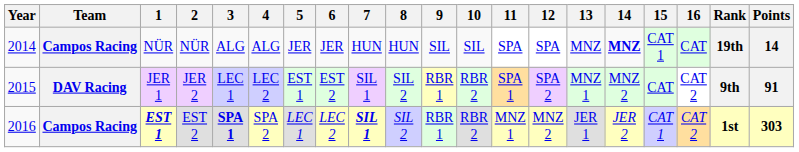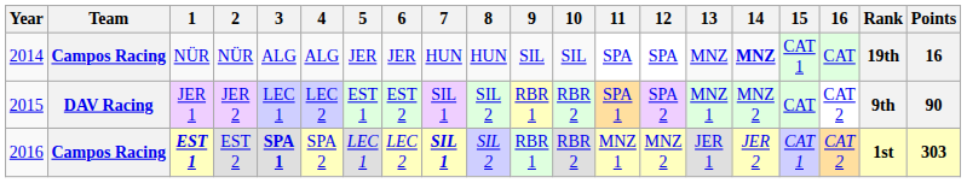 <table class="wikitable" style="text-align:center; font-size:85%">
 <tr>
 <th>Year</th>
 <th>Team</th>
 <th>1</th>
 <th>2</th>
 <th>3</th>
 <th>4</th>
 <th>5</th>
 <th>6</th>
 <th>7</th>
 <th>8</th>
 <th>9</th>
 <th>10</th>
 <th>11</th>
 <th>12</th>
 <th>13</th>
 <th>14</th>
 <th>15</th>
 <th>16</th>
 <th>Rank</th>
 <th>Points</th>
 </tr>
 <tr>
 <td><a href='#'>2014</a></td>
 <th nowrap><a href='#'>Campos Racing</a></th>
 <td style="background:#;"><a href='#'>NÜR</a></td>
 <td style="background:#;"><a href='#'>NÜR</a></td>
 <td style="background:#;"><a href='#'>ALG</a></td>
 <td style="background:#;"><a href='#'>ALG</a></td>
 <td style="background:#;"><a href='#'>JER</a></td>
 <td style="background:#;"><a href='#'>JER</a></td>
 <td style="background:#;"><a href='#'>HUN</a></td>
 <td style="background:#;"><a href='#'>HUN</a></td>
 <td style="background:#;"><a href='#'>SIL</a></td>
 <td style="background:#;"><a href='#'>SIL</a></td>
 <td style="background:#FFFFFF;"><a href='#'>SPA</a><br></td>
 <td style="background:#FFFFFF;"><a href='#'>SPA</a><br></td>
 <td style="background:#;"><a href='#'>MNZ</a></td>
 <td style="background:#;"><strong><a href='#'>MNZ</a></strong></td>
 <td style="background:#DFFFDF;"><a href='#'>CAT<br>1</a><br></td>
 <td style="background:#DFFFDF;"><a href='#'>CAT</a><br></td>
 <th>19th</th>
-<th>14</th>
+<th>16</th>
 </tr>
 <tr>
 <td><a href='#'>2015</a></td>
 <th nowrap><a href='#'>DAV Racing</a></th>
 <td style="background:#EFCFFF;"><a href='#'>JER<br>1</a><br></td>
 <td style="background:#EFCFFF;"><a href='#'>JER<br>2</a><br></td>
 <td style="background:#CFCFFF;"><a href='#'>LEC<br>1</a><br></td>
 <td style="background:#CFCFFF;"><a href='#'>LEC<br>2</a><br></td>
 <td style="background:#DFFFDF;"><a href='#'>EST<br>1</a><br></td>
 <td style="background:#DFFFDF;"><a href='#'>EST<br>2</a><br></td>
 <td style="background:#EFCFFF;"><a href='#'>SIL<br>1</a><br></td>
 <td style="background:#DFFFDF;"><a href='#'>SIL<br>2</a><br></td>
 <td style="background:#FFFFBF;"><a href='#'>RBR<br>1</a><br></td>
 <td style="background:#DFFFDF;"><a href='#'>RBR<br>2</a><br></td>
 <td style="background:#FFDF9F;"><a href='#'>SPA<br>1</a><br></td>
 <td style="background:#EFCFFF;"><a href='#'>SPA<br>2</a><br></td>
 <td style="background:#DFFFDF;"><a href='#'>MNZ<br>1</a><br></td>
 <td style="background:#DFFFDF;"><a href='#'>MNZ<br>2</a><br></td>
 <td style="background:#DFFFDF;"><a href='#'>CAT</a><br></td>
 <td style="background:#FFFFFF;"><a href='#'>CAT<br>2</a><br></td>
 <th>9th</th>
-<th>91</th>
+<th>90</th>
 </tr>
 <tr>
 <td><a href='#'>2016</a></td>
 <th nowrap><a href='#'>Campos Racing</a></th>
 <td style="background:#FFFFBF;"><strong><em><a href='#'>EST<br>1</a></em></strong><br></td>
 <td style="background:#DFDFDF;"><a href='#'>EST<br>2</a><br></td>
 <td style="background:#DFDFDF;"><strong><a href='#'>SPA<br>1</a></strong><br></td>
 <td style="background:#FFFFBF;"><a href='#'>SPA<br>2</a><br></td>
 <td style="background:#DFDFDF;"><em><a href='#'>LEC<br>1</a></em><br></td>
 <td style="background:#FFFFBF;"><em><a href='#'>LEC<br>2</a></em><br></td>
 <td style="background:#FFFFBF;"><strong><em><a href='#'>SIL<br>1</a></em></strong><br></td>
 <td style="background:#CFCFFF;"><em><a href='#'>SIL<br>2</a></em><br></td>
 <td style="background:#DFFFDF;"><a href='#'>RBR<br>1</a><br></td>
 <td style="background:#DFDFDF;"><a href='#'>RBR<br>2</a><br></td>
 <td style="background:#FFFFBF;"><a href='#'>MNZ<br>1</a><br></td>
 <td style="background:#FFFFBF;"><a href='#'>MNZ<br>2</a><br></td>
 <td style="background:#DFDFDF;"><a href='#'>JER<br>1</a><br></td>
 <td style="background:#FFFFBF;"><em><a href='#'>JER<br>2</a></em><br></td>
 <td style="background:#CFCFFF;"><em><a href='#'>CAT<br>1</a></em><br></td>
 <td style="background:#FFDF9F;"><em><a href='#'>CAT<br>2</a></em><br></td>
 <th style="background:#FFFFBF;">1st</th>
 <th style="background:#FFFFBF;">303</th>
 </tr>
 </table>
